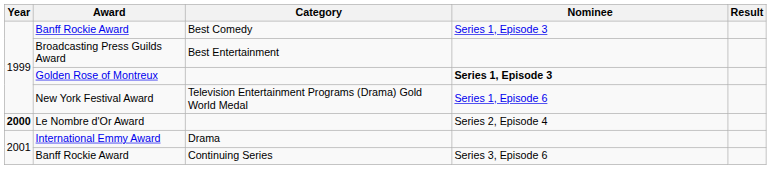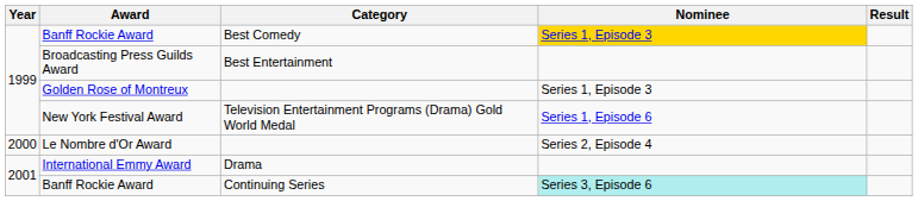 <table class="wikitable" width="90%">
 <tr>
 <th width="3.5%">Year</th>
 <th width="20%">Award</th>
 <th width="35%">Category</th>
 <th>Nominee</th>
 <th width="3.5%">Result</th>
 </tr>
 <tr>
 <td rowspan="4">1999</td>
 <td><a href='#'>Banff Rockie Award</a></td>
 <td>Best Comedy</td>
-<td><a href='#'>Series 1, Episode 3</a></td>
+<td style="background: gold;"><a href='#'>Series 1, Episode 3</a></td>
 <td></td>
 </tr>
 <tr>
 <td>Broadcasting Press Guilds Award</td>
 <td>Best Entertainment</td>
 <td></td>
 <td></td>
 </tr>
 <tr>
 <td><a href='#'>Golden Rose of Montreux</a></td>
 <td></td>
-<td><strong>Series 1, Episode 3</strong></td>
+<td>Series 1, Episode 3</td>
 <td></td>
 </tr>
 <tr>
 <td>New York Festival Award</td>
 <td>Television Entertainment Programs (Drama) Gold World Medal</td>
 <td><a href='#'>Series 1, Episode 6</a></td>
 <td></td>
 </tr>
 <tr>
-<td><strong>2000</strong></td>
+<td>2000</td>
 <td>Le Nombre d'Or Award</td>
 <td></td>
 <td>Series 2, Episode 4</td>
 <td></td>
 </tr>
 <tr>
 <td rowspan="2">2001</td>
 <td><a href='#'>International Emmy Award</a></td>
 <td>Drama</td>
 <td></td>
 <td></td>
 </tr>
 <tr>
 <td>Banff Rockie Award</td>
 <td>Continuing Series</td>
-<td>Series 3, Episode 6</td>
+<td style="background: paleturquoise;">Series 3, Episode 6</td>
 <td></td>
 </tr>
 </table>
